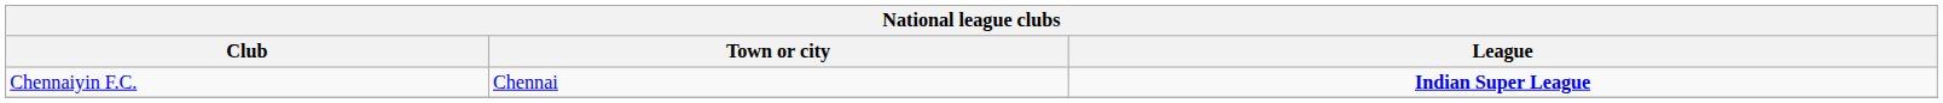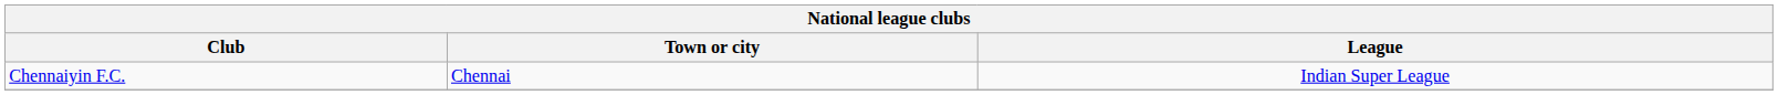 <table class="wikitable sortable" width="100%">
 <tr>
 <th colspan="3">National league clubs</th>
 </tr>
 <tr>
 <th !width="25%">Club</th>
 <th width="30%">Town or city</th>
 <th width="45%">League</th>
 </tr>
 <tr>
 <td><a href='#'>Chennaiyin F.C.</a></td>
 <td><a href='#'>Chennai</a></td>
-<td align="center"><strong><a href='#'>Indian Super League</a></strong></td>
+<td align="center"><a href='#'>Indian Super League</a></td>
 </tr>
 <tr>
 </tr>
 </table>
